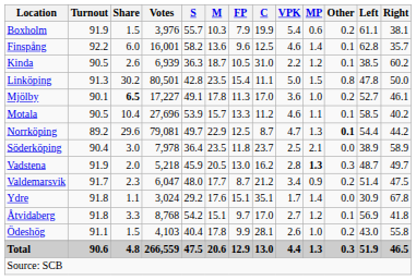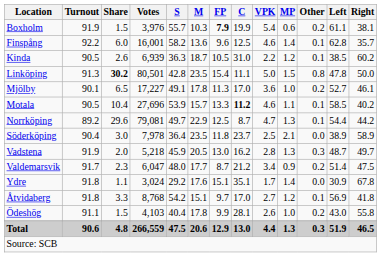 <table class="wikitable sortable" style=text-align:right>
 <tr>
 <th>Location</th>
 <th>Turnout</th>
 <th>Share</th>
 <th>Votes</th>
 <th><a href='#'>S</a></th>
 <th><a href='#'>M</a></th>
 <th><a href='#'>FP</a></th>
 <th><a href='#'>C</a></th>
 <th><a href='#'>VPK</a></th>
 <th><a href='#'>MP</a></th>
 <th>Other</th>
 <th>Left</th>
 <th>Right</th>
 </tr>
 <tr>
 <td align=left><a href='#'>Boxholm</a></td>
 <td>91.9</td>
 <td>1.5</td>
 <td>3,976</td>
 <td>55.7</td>
 <td>10.3</td>
-<td>7.9</td>
+<td><strong>7.9</strong></td>
 <td>19.9</td>
 <td>5.4</td>
 <td>0.6</td>
 <td>0.2</td>
 <td>61.1</td>
 <td>38.1</td>
 </tr>
 <tr>
 <td align=left><a href='#'>Finspång</a></td>
 <td>92.2</td>
 <td>6.0</td>
 <td>16,001</td>
 <td>58.2</td>
 <td>13.6</td>
 <td>9.6</td>
 <td>12.5</td>
 <td>4.6</td>
 <td>1.4</td>
 <td>0.1</td>
 <td>62.8</td>
 <td>35.7</td>
 </tr>
 <tr>
 <td align=left><a href='#'>Kinda</a></td>
 <td>90.5</td>
 <td>2.6</td>
 <td>6,939</td>
 <td>36.3</td>
 <td>18.7</td>
 <td>10.5</td>
 <td>31.0</td>
 <td>2.2</td>
 <td>1.2</td>
 <td>0.1</td>
 <td>38.5</td>
 <td>60.2</td>
 </tr>
 <tr>
 <td align=left><a href='#'>Linköping</a></td>
 <td>91.3</td>
-<td>30.2</td>
+<td><strong>30.2</strong></td>
 <td>80,501</td>
 <td>42.8</td>
 <td>23.5</td>
 <td>15.4</td>
 <td>11.1</td>
 <td>5.0</td>
 <td>1.5</td>
 <td>0.8</td>
 <td>47.8</td>
 <td>50.0</td>
 </tr>
 <tr>
 <td align=left><a href='#'>Mjölby</a></td>
 <td>90.1</td>
-<td><strong>6.5</strong></td>
+<td>6.5</td>
 <td>17,227</td>
 <td>49.1</td>
 <td>17.8</td>
 <td>11.3</td>
 <td>17.0</td>
 <td>3.6</td>
 <td>1.0</td>
 <td>0.2</td>
 <td>52.7</td>
 <td>46.1</td>
 </tr>
 <tr>
 <td align=left><a href='#'>Motala</a></td>
 <td>90.5</td>
 <td>10.4</td>
 <td>27,696</td>
 <td>53.9</td>
 <td>15.7</td>
 <td>13.3</td>
-<td>11.2</td>
+<td><strong>11.2</strong></td>
 <td>4.6</td>
 <td>1.1</td>
 <td>0.1</td>
 <td>58.5</td>
 <td>40.2</td>
 </tr>
 <tr>
 <td align=left><a href='#'>Norrköping</a></td>
 <td>89.2</td>
 <td>29.6</td>
 <td>79,081</td>
 <td>49.7</td>
 <td>22.9</td>
 <td>12.5</td>
 <td>8.7</td>
 <td>4.7</td>
 <td>1.3</td>
-<td><strong>0.1</strong></td>
+<td>0.1</td>
 <td>54.4</td>
 <td>44.2</td>
 </tr>
 <tr>
 <td align=left><a href='#'>Söderköping</a></td>
 <td>90.4</td>
 <td>3.0</td>
 <td>7,978</td>
 <td>36.4</td>
 <td>23.5</td>
 <td>11.8</td>
 <td>23.7</td>
 <td>2.5</td>
 <td>2.1</td>
 <td>0.0</td>
 <td>38.9</td>
 <td>58.9</td>
 </tr>
 <tr>
 <td align=left><a href='#'>Vadstena</a></td>
 <td>91.9</td>
 <td>2.0</td>
 <td>5,218</td>
 <td>45.9</td>
 <td>20.5</td>
 <td>13.0</td>
 <td>16.2</td>
 <td>2.8</td>
-<td><strong>1.3</strong></td>
+<td>1.3</td>
 <td>0.3</td>
 <td>48.7</td>
 <td>49.7</td>
 </tr>
 <tr>
 <td align=left><a href='#'>Valdemarsvik</a></td>
 <td>91.7</td>
 <td>2.3</td>
 <td>6,047</td>
 <td>48.0</td>
 <td>17.7</td>
 <td>8.7</td>
 <td>21.2</td>
 <td>3.4</td>
 <td>0.9</td>
 <td>0.2</td>
 <td>51.4</td>
 <td>47.5</td>
 </tr>
 <tr>
 <td align=left><a href='#'>Ydre</a></td>
 <td>91.8</td>
 <td>1.1</td>
 <td>3,024</td>
 <td>29.2</td>
 <td>17.6</td>
 <td>15.1</td>
 <td>35.1</td>
 <td>1.7</td>
 <td>1.4</td>
 <td>0.0</td>
 <td>30.9</td>
 <td>67.8</td>
 </tr>
 <tr>
 <td align=left><a href='#'>Åtvidaberg</a></td>
 <td>91.8</td>
 <td>3.3</td>
 <td>8,768</td>
 <td>54.2</td>
 <td>15.1</td>
 <td>9.7</td>
 <td>17.0</td>
 <td>2.7</td>
 <td>1.2</td>
 <td>0.1</td>
 <td>56.9</td>
 <td>41.8</td>
 </tr>
 <tr>
 <td align=left><a href='#'>Ödeshög</a></td>
 <td>91.1</td>
 <td>1.5</td>
 <td>4,103</td>
 <td>40.4</td>
 <td>17.8</td>
 <td>9.9</td>
 <td>28.1</td>
 <td>2.6</td>
 <td>1.0</td>
 <td>0.2</td>
 <td>43.0</td>
 <td>55.8</td>
 </tr>
 <tr>
 </tr>
 <tr style="background:#CDCDCD;">
 <td align=left><strong>Total</strong></td>
 <td><strong>90.6</strong></td>
 <td><strong>4.8</strong></td>
 <td><strong>266,559</strong></td>
 <td><strong>47.5</strong></td>
 <td><strong>20.6</strong></td>
 <td><strong>12.9</strong></td>
 <td><strong>13.0</strong></td>
 <td><strong>4.4</strong></td>
 <td><strong>1.3</strong></td>
 <td><strong>0.3</strong></td>
 <td><strong>51.9</strong></td>
 <td><strong>46.5</strong></td>
 </tr>
 <tr>
 <td align=left colspan=13>Source: SCB </td>
 </tr>
 </table>
